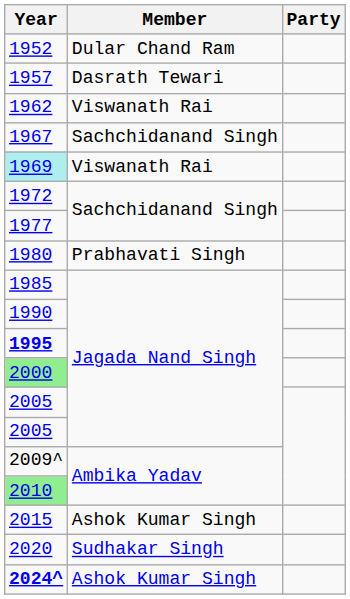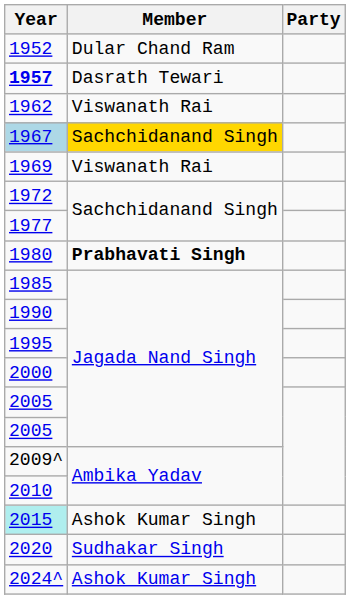 <table class="wikitable sortable">
 <tr>
 <th>Year</th>
 <th>Member</th>
 <th colspan="2">Party</th>
 </tr>
 <tr>
 <td><a href='#'>1952</a></td>
 <td>Dular Chand Ram</td>
 <td></td>
 </tr>
 <tr>
-<td><a href='#'>1957</a></td>
+<td><strong><a href='#'>1957</a></strong></td>
 <td>Dasrath Tewari</td>
 <td></td>
 </tr>
 <tr>
 <td><a href='#'>1962</a></td>
 <td>Viswanath Rai</td>
 <td></td>
 </tr>
 <tr>
-<td><a href='#'>1967</a></td>
-<td>Sachchidanand Singh</td>
+<td style="background: lightblue;"><a href='#'>1967</a></td>
+<td style="background: gold;">Sachchidanand Singh</td>
 <td></td>
 </tr>
 <tr>
-<td style="background: paleturquoise;"><a href='#'>1969</a></td>
+<td><a href='#'>1969</a></td>
 <td>Viswanath Rai</td>
 <td></td>
 </tr>
 <tr>
 <td><a href='#'>1972</a></td>
 <td rowspan="2">Sachchidanand Singh</td>
 <td></td>
 </tr>
 <tr>
 <td><a href='#'>1977</a></td>
 <td></td>
 </tr>
 <tr>
 <td><a href='#'>1980</a></td>
-<td>Prabhavati Singh</td>
+<td><strong>Prabhavati Singh</strong></td>
 <td></td>
 </tr>
 <tr>
 <td><a href='#'>1985</a></td>
 <td rowspan="6"><a href='#'>Jagada Nand Singh</a></td>
 <td></td>
 </tr>
 <tr>
 <td><a href='#'>1990</a></td>
 <td></td>
 </tr>
 <tr>
-<td><strong><a href='#'>1995</a></strong></td>
+<td><a href='#'>1995</a></td>
 </tr>
 <tr>
-<td style="background: lightgreen;"><a href='#'>2000</a></td>
+<td><a href='#'>2000</a></td>
 <td></td>
 </tr>
 <tr>
 <td><a href='#'>2005</a></td>
 </tr>
 <tr>
 <td><a href='#'>2005</a></td>
 </tr>
 <tr>
 <td>2009^</td>
 <td rowspan="2"><a href='#'>Ambika Yadav</a></td>
 </tr>
 <tr>
-<td style="background: lightgreen;"><a href='#'>2010</a></td>
+<td><a href='#'>2010</a></td>
 </tr>
 <tr>
-<td><a href='#'>2015</a></td>
+<td style="background: paleturquoise;"><a href='#'>2015</a></td>
 <td>Ashok Kumar Singh</td>
 <td></td>
 </tr>
 <tr>
 <td><a href='#'>2020</a></td>
 <td><a href='#'>Sudhakar Singh</a></td>
 <td></td>
 </tr>
 <tr>
-<td><strong><a href='#'>2024^</a></strong></td>
+<td><a href='#'>2024^</a></td>
 <td><a href='#'>Ashok Kumar Singh</a></td>
 <td></td>
 </tr>
 </table>
